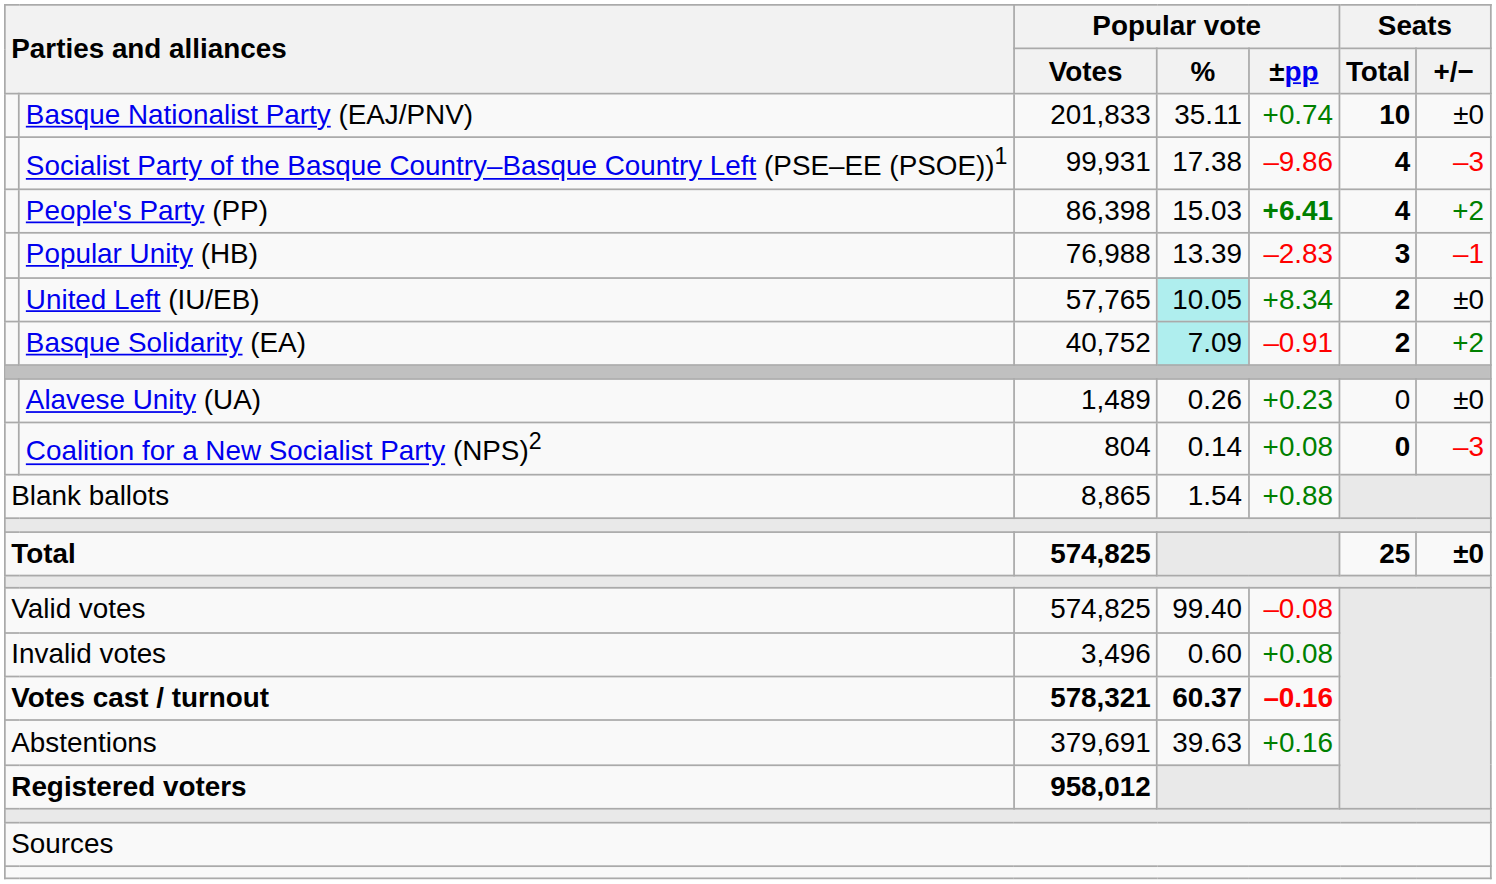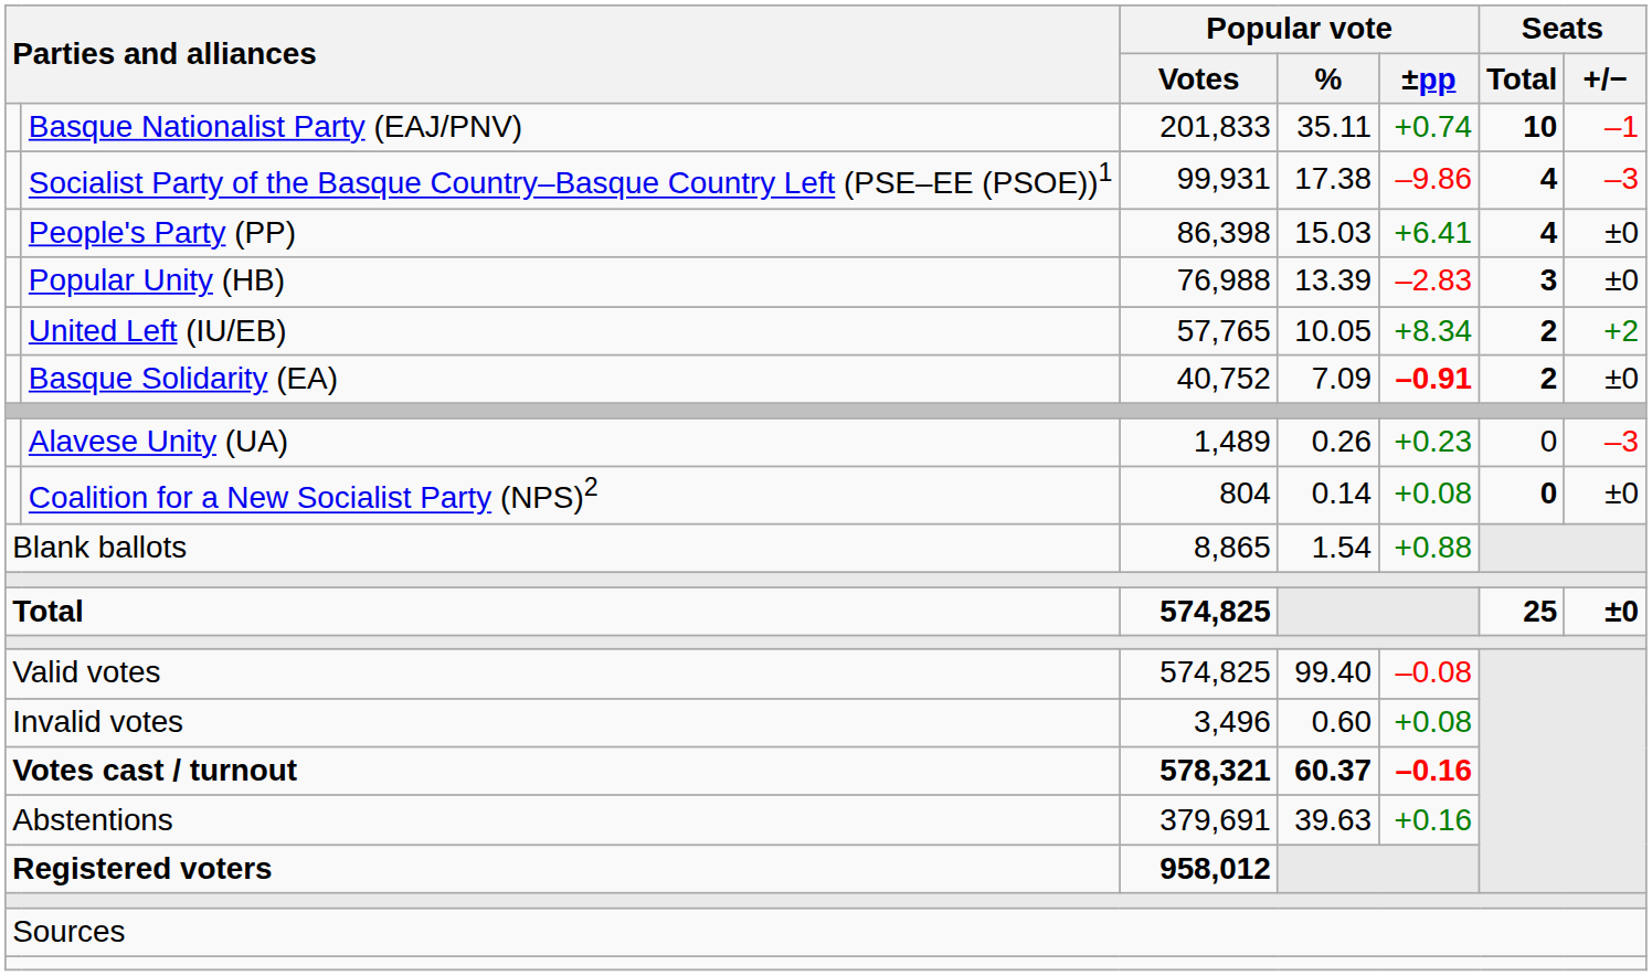 <table class="wikitable" style="text-align:right;">
 <tr>
 <th style="text-align:left;" rowspan="2" colspan="2" width="525">Parties and alliances</th>
 <th colspan="3">Popular vote</th>
 <th colspan="2">Seats</th>
 </tr>
 <tr>
 <th width="75">Votes</th>
 <th width="45">%</th>
 <th width="45">±<a href='#'>pp</a></th>
 <th width="35">Total</th>
 <th width="35">+/−</th>
 </tr>
 <tr>
 <td width="1" style="color:inherit;background:"></td>
 <td align="left"><a href='#'>Basque Nationalist Party</a> (EAJ/PNV)</td>
 <td>201,833</td>
 <td>35.11</td>
 <td style="color:green;">+0.74</td>
 <td><strong>10</strong></td>
-<td>±0</td>
+<td style="color:red;">–1</td>
 </tr>
 <tr>
 <td style="color:inherit;background:"></td>
 <td align="left"><a href='#'>Socialist Party of the Basque Country–Basque Country Left</a> (PSE–EE (PSOE))<sup>1</sup></td>
 <td>99,931</td>
 <td>17.38</td>
 <td style="color:red;">–9.86</td>
 <td><strong>4</strong></td>
 <td style="color:red;">–3</td>
 </tr>
 <tr>
 <td style="color:inherit;background:"></td>
 <td align="left"><a href='#'>People's Party</a> (PP)</td>
 <td>86,398</td>
 <td>15.03</td>
-<td style="color:green;"><strong>+6.41</strong></td>
+<td style="color:green;">+6.41</td>
 <td><strong>4</strong></td>
-<td style="color:green;">+2</td>
+<td>±0</td>
 </tr>
 <tr>
 <td style="color:inherit;background:"></td>
 <td align="left"><a href='#'>Popular Unity</a> (HB)</td>
 <td>76,988</td>
 <td>13.39</td>
 <td style="color:red;">–2.83</td>
 <td><strong>3</strong></td>
-<td style="color:red;">–1</td>
+<td>±0</td>
 </tr>
 <tr>
 <td style="color:inherit;background:"></td>
 <td align="left"><a href='#'>United Left</a> (IU/EB)</td>
 <td>57,765</td>
-<td style="background: paleturquoise;">10.05</td>
+<td>10.05</td>
 <td style="color:green;">+8.34</td>
 <td><strong>2</strong></td>
-<td>±0</td>
+<td style="color:green;">+2</td>
 </tr>
 <tr>
 <td style="color:inherit;background:"></td>
 <td align="left"><a href='#'>Basque Solidarity</a> (EA)</td>
 <td>40,752</td>
-<td style="background: paleturquoise;">7.09</td>
-<td style="color:red;">–0.91</td>
+<td>7.09</td>
+<td style="color:red;"><strong>–0.91</strong></td>
 <td><strong>2</strong></td>
-<td style="color:green;">+2</td>
+<td>±0</td>
 </tr>
 <tr>
 <td colspan="7" bgcolor="#C0C0C0"></td>
 </tr>
 <tr>
 <td style="color:inherit;background:"></td>
 <td align="left"><a href='#'>Alavese Unity</a> (UA)</td>
 <td>1,489</td>
 <td>0.26</td>
 <td style="color:green;">+0.23</td>
 <td>0</td>
-<td>±0</td>
+<td style="color:red;">–3</td>
 </tr>
 <tr>
 <td style="color:inherit;background:"></td>
 <td align="left"><a href='#'>Coalition for a New Socialist Party</a> (NPS)<sup>2</sup></td>
 <td>804</td>
 <td>0.14</td>
 <td style="color:green;">+0.08</td>
 <td><strong>0</strong></td>
-<td style="color:red;">–3</td>
+<td>±0</td>
 </tr>
 <tr>
 <td align="left" colspan="2">Blank ballots</td>
 <td>8,865</td>
 <td>1.54</td>
 <td style="color:green;">+0.88</td>
 <td bgcolor="#E9E9E9" colspan="2"></td>
 </tr>
 <tr>
 <td colspan="7" bgcolor="#E9E9E9"></td>
 </tr>
 <tr style="font-weight:bold;">
 <td align="left" colspan="2">Total</td>
 <td>574,825</td>
 <td bgcolor="#E9E9E9" colspan="2"></td>
 <td>25</td>
 <td>±0</td>
 </tr>
 <tr>
 <td colspan="7" bgcolor="#E9E9E9"></td>
 </tr>
 <tr>
 <td align="left" colspan="2">Valid votes</td>
 <td>574,825</td>
 <td>99.40</td>
 <td style="color:red;">–0.08</td>
 <td bgcolor="#E9E9E9" colspan="2" rowspan="5"></td>
 </tr>
 <tr>
 <td align="left" colspan="2">Invalid votes</td>
 <td>3,496</td>
 <td>0.60</td>
 <td style="color:green;">+0.08</td>
 </tr>
 <tr style="font-weight:bold;">
 <td align="left" colspan="2">Votes cast / turnout</td>
 <td>578,321</td>
 <td>60.37</td>
 <td style="color:red;">–0.16</td>
 </tr>
 <tr>
 <td align="left" colspan="2">Abstentions</td>
 <td>379,691</td>
 <td>39.63</td>
 <td style="color:green;">+0.16</td>
 </tr>
 <tr style="font-weight:bold;">
 <td align="left" colspan="2">Registered voters</td>
 <td>958,012</td>
 <td bgcolor="#E9E9E9" colspan="2"></td>
 </tr>
 <tr>
 <td colspan="7" bgcolor="#E9E9E9"></td>
 </tr>
 <tr>
 <td align="left" colspan="7">Sources</td>
 </tr>
 <tr>
 <td colspan="7" style="text-align:left; max-width:790px;"></td>
 </tr>
 </table>
